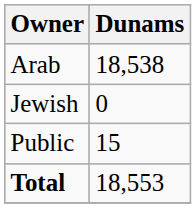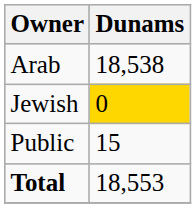 <table class="wikitable">
 <tr>
 <th>Owner</th>
 <th>Dunams</th>
 </tr>
 <tr>
 <td>Arab</td>
 <td>18,538</td>
 </tr>
 <tr>
 <td>Jewish</td>
-<td>0</td>
+<td style="background: gold;">0</td>
 </tr>
 <tr>
 <td>Public</td>
 <td>15</td>
 </tr>
 <tr>
 <td><strong>Total</strong></td>
 <td>18,553</td>
 </tr>
 <tr>
 </tr>
 </table>
